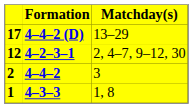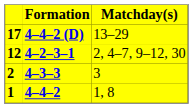 <table class="toccolours" border="0" cellpadding="2" cellspacing="0" align="center" style="margin: 0.5em 0 1em 1em; background: #000000; border: 1px #aaaaaa solid;">
 <tr bgcolor=#FFFF00>
 <th></th>
 <th>Formation</th>
 <th>Matchday(s)</th>
 </tr>
 <tr bgcolor=#FFFF00>
 <td><strong>17</strong></td>
 <td><a href='#'><span><strong>4–4–2 (D)</strong></span></a></td>
 <td>13–29</td>
 </tr>
 <tr bgcolor=#FFFF00>
 <td><strong>12</strong></td>
 <td><a href='#'><span><strong>4–2–3–1</strong></span></a></td>
 <td>2, 4–7, 9–12, 30</td>
 </tr>
 <tr bgcolor=#FFFF00>
 <td><strong>2</strong></td>
-<td><a href='#'><span><strong>4–4–2</strong></span></a></td>
+<td><a href='#'><span><strong>4–3–3</strong></span></a></td>
 <td>3</td>
 </tr>
 <tr bgcolor=#FFFF00>
 <td><strong>1</strong></td>
-<td><a href='#'><span><strong>4–3–3</strong></span></a></td>
+<td><a href='#'><span><strong>4–4–2</strong></span></a></td>
 <td>1, 8</td>
 </tr>
 </table>
